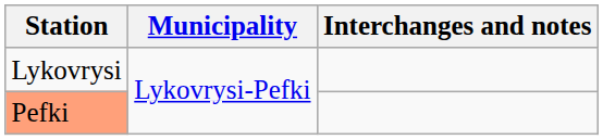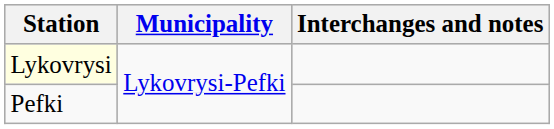 <table class="wikitable sortable">
 <tr>
 <th>Station</th>
 <th><a href='#'>Municipality</a></th>
 <th class="unsortable">Interchanges and notes</th>
 </tr>
 <tr>
-<td>Lykovrysi</td>
+<td style="background: lightyellow;">Lykovrysi</td>
 <td rowspan="2"><a href='#'>Lykovrysi-Pefki</a></td>
 <td></td>
 </tr>
 <tr>
-<td style="background: lightsalmon;">Pefki</td>
+<td>Pefki</td>
 <td></td>
 </tr>
 </table>
